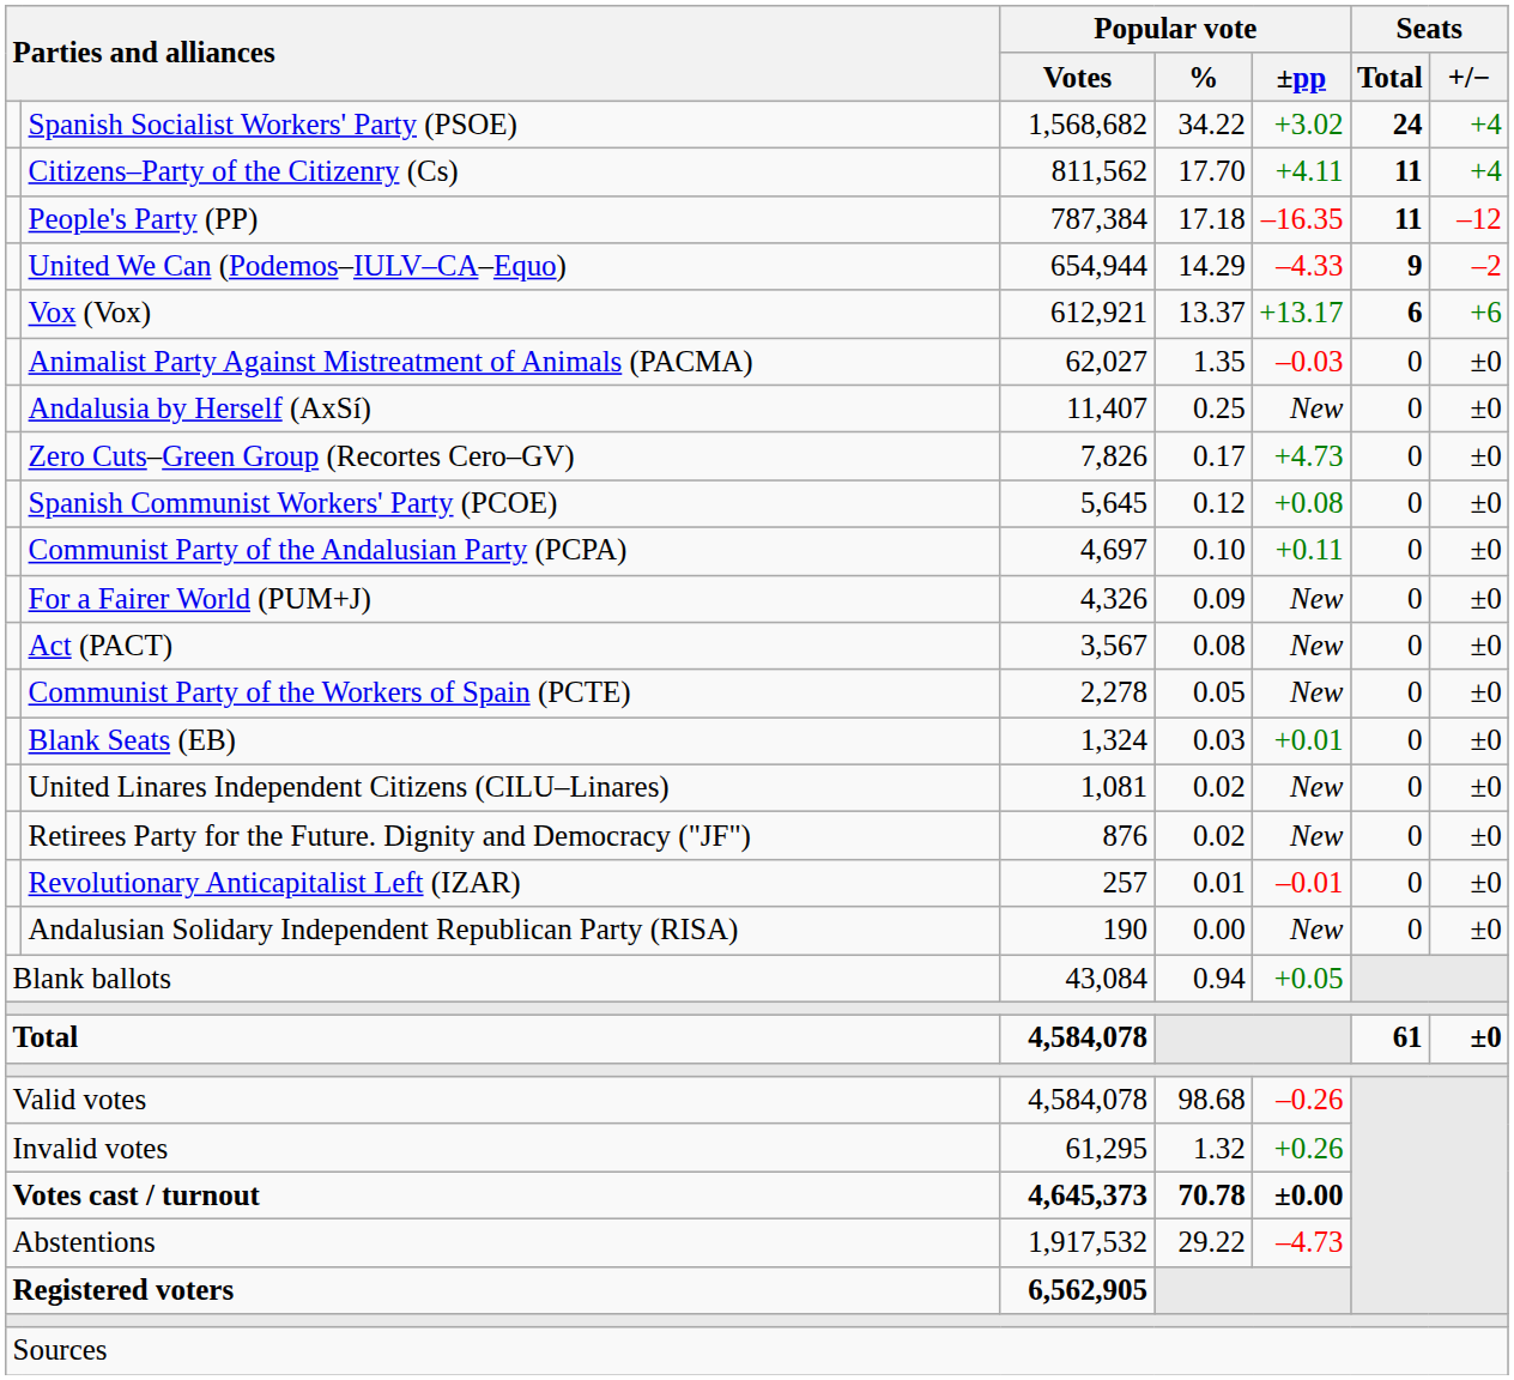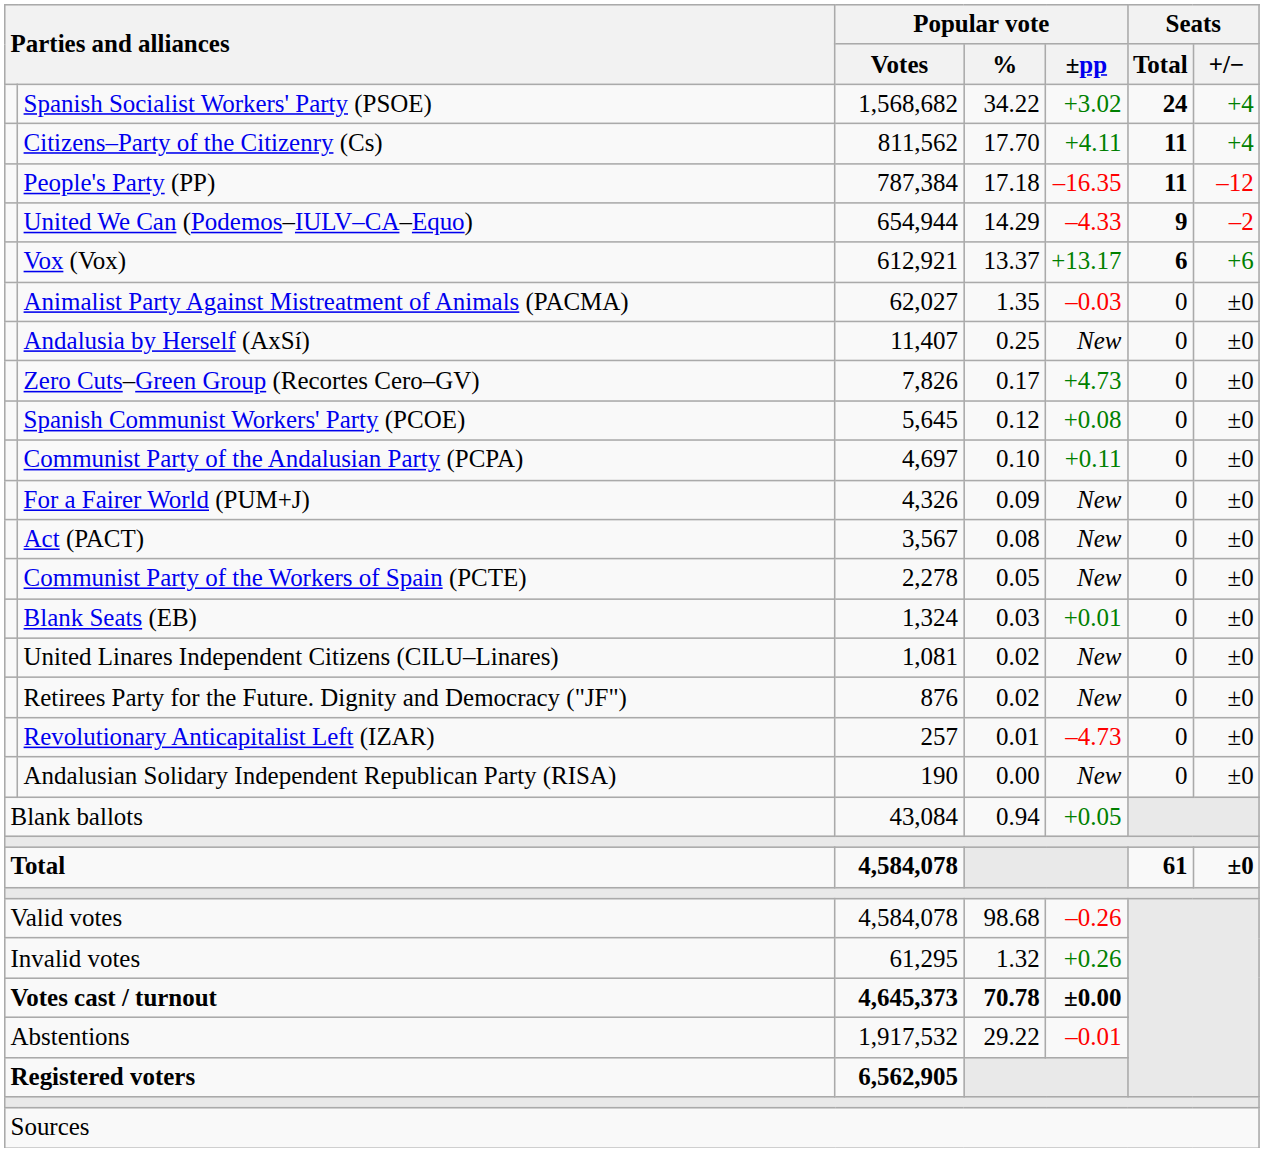 <table class="wikitable" style="text-align:right;">
 <tr>
 <th style="text-align:left;" rowspan="2" colspan="2" width="525">Parties and alliances</th>
 <th colspan="3">Popular vote</th>
 <th colspan="2">Seats</th>
 </tr>
 <tr>
 <th width="75">Votes</th>
 <th width="45">%</th>
 <th width="45">±<a href='#'>pp</a></th>
 <th width="35">Total</th>
 <th width="35">+/−</th>
 </tr>
 <tr>
 <td width="1" style="color:inherit;background:"></td>
 <td align="left"><a href='#'>Spanish Socialist Workers' Party</a> (PSOE)</td>
 <td>1,568,682</td>
 <td>34.22</td>
 <td style="color:green;">+3.02</td>
 <td><strong>24</strong></td>
 <td style="color:green;">+4</td>
 </tr>
 <tr>
 <td style="color:inherit;background:"></td>
 <td align="left"><a href='#'>Citizens–Party of the Citizenry</a> (Cs)</td>
 <td>811,562</td>
 <td>17.70</td>
 <td style="color:green;">+4.11</td>
 <td><strong>11</strong></td>
 <td style="color:green;">+4</td>
 </tr>
 <tr>
 <td style="color:inherit;background:"></td>
 <td align="left"><a href='#'>People's Party</a> (PP)</td>
 <td>787,384</td>
 <td>17.18</td>
 <td style="color:red;">–16.35</td>
 <td><strong>11</strong></td>
 <td style="color:red;">–12</td>
 </tr>
 <tr>
 <td style="color:inherit;background:"></td>
 <td align="left"><a href='#'>United We Can</a> (<a href='#'>Podemos</a>–<a href='#'>IULV–CA</a>–<a href='#'>Equo</a>)</td>
 <td>654,944</td>
 <td>14.29</td>
 <td style="color:red;">–4.33</td>
 <td><strong>9</strong></td>
 <td style="color:red;">–2</td>
 </tr>
 <tr>
 <td style="color:inherit;background:"></td>
 <td align="left"><a href='#'>Vox</a> (Vox)</td>
 <td>612,921</td>
 <td>13.37</td>
 <td style="color:green;">+13.17</td>
 <td><strong>6</strong></td>
 <td style="color:green;">+6</td>
 </tr>
 <tr>
 <td style="color:inherit;background:"></td>
 <td align="left"><a href='#'>Animalist Party Against Mistreatment of Animals</a> (PACMA)</td>
 <td>62,027</td>
 <td>1.35</td>
 <td style="color:red;">–0.03</td>
 <td>0</td>
 <td>±0</td>
 </tr>
 <tr>
 <td style="color:inherit;background:"></td>
 <td align="left"><a href='#'>Andalusia by Herself</a> (AxSí)</td>
 <td>11,407</td>
 <td>0.25</td>
 <td><em>New</em></td>
 <td>0</td>
 <td>±0</td>
 </tr>
 <tr>
 <td style="color:inherit;background:"></td>
 <td align="left"><a href='#'>Zero Cuts</a>–<a href='#'>Green Group</a> (Recortes Cero–GV)</td>
 <td>7,826</td>
 <td>0.17</td>
 <td style="color:green;">+4.73</td>
 <td>0</td>
 <td>±0</td>
 </tr>
 <tr>
 <td style="color:inherit;background:"></td>
 <td align="left"><a href='#'>Spanish Communist Workers' Party</a> (PCOE)</td>
 <td>5,645</td>
 <td>0.12</td>
 <td style="color:green;">+0.08</td>
 <td>0</td>
 <td>±0</td>
 </tr>
 <tr>
 <td style="color:inherit;background:"></td>
 <td align="left"><a href='#'>Communist Party of the Andalusian Party</a> (PCPA)</td>
 <td>4,697</td>
 <td>0.10</td>
 <td style="color:green;">+0.11</td>
 <td>0</td>
 <td>±0</td>
 </tr>
 <tr>
 <td style="color:inherit;background:"></td>
 <td align="left"><a href='#'>For a Fairer World</a> (PUM+J)</td>
 <td>4,326</td>
 <td>0.09</td>
 <td><em>New</em></td>
 <td>0</td>
 <td>±0</td>
 </tr>
 <tr>
 <td style="color:inherit;background:"></td>
 <td align="left"><a href='#'>Act</a> (PACT)</td>
 <td>3,567</td>
 <td>0.08</td>
 <td><em>New</em></td>
 <td>0</td>
 <td>±0</td>
 </tr>
 <tr>
 <td style="color:inherit;background:"></td>
 <td align="left"><a href='#'>Communist Party of the Workers of Spain</a> (PCTE)</td>
 <td>2,278</td>
 <td>0.05</td>
 <td><em>New</em></td>
 <td>0</td>
 <td>±0</td>
 </tr>
 <tr>
 <td style="color:inherit;background:"></td>
 <td align="left"><a href='#'>Blank Seats</a> (EB)</td>
 <td>1,324</td>
 <td>0.03</td>
 <td style="color:green;">+0.01</td>
 <td>0</td>
 <td>±0</td>
 </tr>
 <tr>
 <td style="color:inherit;background:"></td>
 <td align="left">United Linares Independent Citizens (CILU–Linares)</td>
 <td>1,081</td>
 <td>0.02</td>
 <td><em>New</em></td>
 <td>0</td>
 <td>±0</td>
 </tr>
 <tr>
 <td style="color:inherit;background:"></td>
 <td align="left">Retirees Party for the Future. Dignity and Democracy ("JF")</td>
 <td>876</td>
 <td>0.02</td>
 <td><em>New</em></td>
 <td>0</td>
 <td>±0</td>
 </tr>
 <tr>
 <td style="color:inherit;background:"></td>
 <td align="left"><a href='#'>Revolutionary Anticapitalist Left</a> (IZAR)</td>
 <td>257</td>
 <td>0.01</td>
-<td style="color:red;">–0.01</td>
+<td style="color:red;">–4.73</td>
 <td>0</td>
 <td>±0</td>
 </tr>
 <tr>
 <td style="color:inherit;background:"></td>
 <td align="left">Andalusian Solidary Independent Republican Party (RISA)</td>
 <td>190</td>
 <td>0.00</td>
 <td><em>New</em></td>
 <td>0</td>
 <td>±0</td>
 </tr>
 <tr>
 <td align="left" colspan="2">Blank ballots</td>
 <td>43,084</td>
 <td>0.94</td>
 <td style="color:green;">+0.05</td>
 <td bgcolor="#E9E9E9" colspan="2"></td>
 </tr>
 <tr>
 <td colspan="7" bgcolor="#E9E9E9"></td>
 </tr>
 <tr style="font-weight:bold;">
 <td align="left" colspan="2">Total</td>
 <td>4,584,078</td>
 <td bgcolor="#E9E9E9" colspan="2"></td>
 <td>61</td>
 <td>±0</td>
 </tr>
 <tr>
 <td colspan="7" bgcolor="#E9E9E9"></td>
 </tr>
 <tr>
 <td align="left" colspan="2">Valid votes</td>
 <td>4,584,078</td>
 <td>98.68</td>
 <td style="color:red;">–0.26</td>
 <td bgcolor="#E9E9E9" colspan="2" rowspan="5"></td>
 </tr>
 <tr>
 <td align="left" colspan="2">Invalid votes</td>
 <td>61,295</td>
 <td>1.32</td>
 <td style="color:green;">+0.26</td>
 </tr>
 <tr style="font-weight:bold;">
 <td align="left" colspan="2">Votes cast / turnout</td>
 <td>4,645,373</td>
 <td>70.78</td>
 <td>±0.00</td>
 </tr>
 <tr>
 <td align="left" colspan="2">Abstentions</td>
 <td>1,917,532</td>
 <td>29.22</td>
-<td style="color:red;">–4.73</td>
+<td style="color:red;">–0.01</td>
 </tr>
 <tr style="font-weight:bold;">
 <td align="left" colspan="2">Registered voters</td>
 <td>6,562,905</td>
 <td bgcolor="#E9E9E9" colspan="2"></td>
 </tr>
 <tr>
 <td colspan="7" bgcolor="#E9E9E9"></td>
 </tr>
 <tr>
 <td align="left" colspan="7">Sources</td>
 </tr>
 </table>
